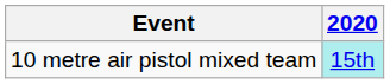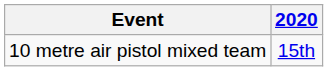 <table class="wikitable" style="text-align: center">
 <tr>
 <th>Event</th>
 <th><a href='#'>2020</a></th>
 </tr>
 <tr>
 <td align="left">10 metre air pistol mixed team</td>
-<td style="background: paleturquoise;"><a href='#'>15th</a></td>
+<td><a href='#'>15th</a></td>
 </tr>
 </table>
